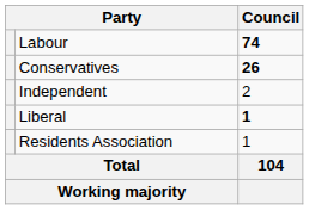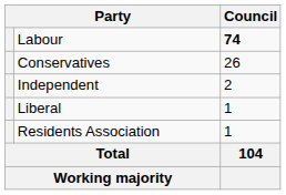 <table class="wikitable">
 <tr>
 <th colspan="2" style="width: 230px" valign="top">Party</th>
 <th style="width: 30px" valign="top">Council</th>
 </tr>
 <tr>
 <th style="background-color: "></th>
 <td>Labour</td>
 <td><strong>74</strong></td>
 </tr>
 <tr>
 <th style="background-color: "></th>
 <td>Conservatives</td>
-<td><strong>26</strong></td>
+<td>26</td>
 </tr>
 <tr>
 <th style="background-color: "></th>
 <td>Independent</td>
 <td>2</td>
 </tr>
 <tr>
 <th style="background-color: "></th>
 <td>Liberal</td>
-<td><strong>1</strong></td>
+<td>1</td>
 </tr>
 <tr>
 <th style="background-color: "></th>
 <td>Residents Association</td>
 <td>1</td>
 </tr>
 <tr>
 <th colspan="2">Total</th>
 <th>104</th>
 </tr>
 <tr>
 <th colspan="2">Working majority</th>
 <th></th>
 </tr>
 </table>
